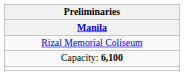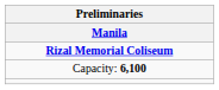 <table class="wikitable" style="text-align:center">
 <tr>
 <th width=280>Preliminaries</th>
 </tr>
 <tr>
 <th><a href='#'>Manila</a></th>
 </tr>
 <tr>
-<td><a href='#'>Rizal Memorial Coliseum</a></td>
+<td><strong><a href='#'>Rizal Memorial Coliseum</a></strong></td>
 </tr>
 <tr>
 <td>Capacity: <strong>6,100</strong></td>
 </tr>
 <tr>
 <td></td>
 </tr>
 </table>
